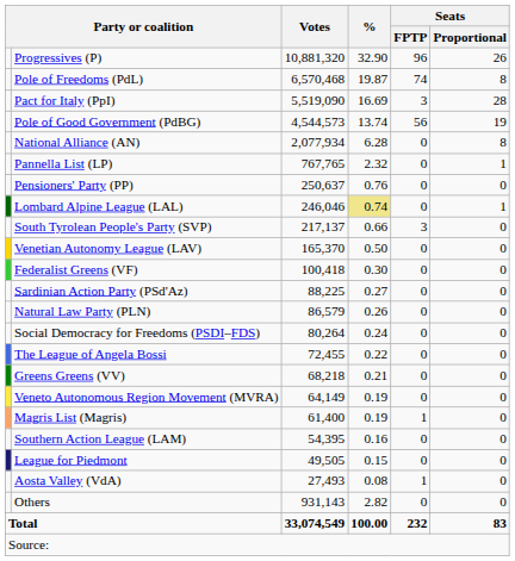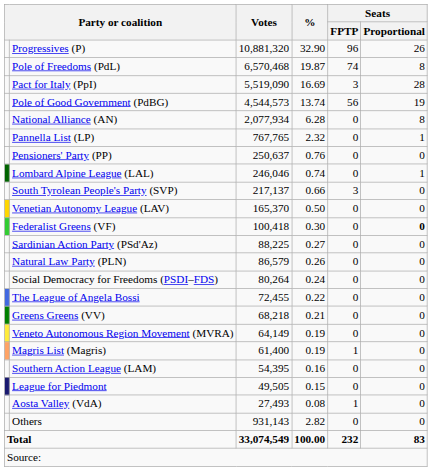 <table class="wikitable" style="text-align:right">
 <tr>
 <th align=left colspan=2 rowspan=2>Party or coalition</th>
 <th rowspan=2>Votes</th>
 <th rowspan=2>%</th>
 <th colspan="2" align="center" valign=top>Seats</th>
 </tr>
 <tr>
 <th style="background-color:" align="center" valign=bottom>FPTP</th>
 <th style="background-color:" align="center" valign=bottom>Proportional</th>
 </tr>
 <tr>
 <td style="background:"></td>
 <td style="text-align:left;"><a href='#'>Progressives</a> (P)</td>
 <td>10,881,320</td>
 <td>32.90</td>
 <td>96</td>
 <td>26</td>
 </tr>
 <tr>
 <td style="background:"></td>
 <td style="text-align:left;"><a href='#'>Pole of Freedoms</a> (PdL)</td>
 <td>6,570,468</td>
 <td>19.87</td>
 <td>74</td>
 <td>8</td>
 </tr>
 <tr>
 <td></td>
 <td align=left><a href='#'>Pact for Italy</a> (PpI)</td>
 <td>5,519,090</td>
 <td>16.69</td>
 <td>3</td>
 <td>28</td>
 </tr>
 <tr>
 <td style="background:"></td>
 <td style="text-align:left;"><a href='#'>Pole of Good Government</a> (PdBG)</td>
 <td>4,544,573</td>
 <td>13.74</td>
 <td>56</td>
 <td>19</td>
 </tr>
 <tr>
 <td></td>
 <td align=left><a href='#'>National Alliance</a> (AN)</td>
 <td>2,077,934</td>
 <td>6.28</td>
 <td>0</td>
 <td>8</td>
 </tr>
 <tr>
 <td></td>
 <td align=left><a href='#'>Pannella List</a> (LP)</td>
 <td>767,765</td>
 <td>2.32</td>
 <td>0</td>
 <td>1</td>
 </tr>
 <tr>
 <td style="background:"></td>
 <td align=left><a href='#'>Pensioners' Party</a> (PP)</td>
 <td>250,637</td>
 <td>0.76</td>
 <td>0</td>
 <td>0</td>
 </tr>
 <tr>
 <td style="background:darkgreen;"></td>
 <td align=left><a href='#'>Lombard Alpine League</a> (LAL)</td>
 <td>246,046</td>
-<td style="background: khaki;">0.74</td>
+<td>0.74</td>
 <td>0</td>
 <td>1</td>
 </tr>
 <tr>
 <td style="background:"></td>
 <td align=left><a href='#'>South Tyrolean People's Party</a> (SVP)</td>
 <td>217,137</td>
 <td>0.66</td>
 <td>3</td>
 <td>0</td>
 </tr>
 <tr>
 <td style="background:gold;"></td>
 <td align=left><a href='#'>Venetian Autonomy League</a> (LAV)</td>
 <td>165,370</td>
 <td>0.50</td>
 <td>0</td>
 <td>0</td>
 </tr>
 <tr>
 <td style="background:#32CD32;"></td>
 <td align=left><a href='#'>Federalist Greens</a> (VF)</td>
 <td>100,418</td>
 <td>0.30</td>
 <td>0</td>
-<td>0</td>
+<td><strong>0</strong></td>
 </tr>
 <tr>
 <td style="background:"></td>
 <td align=left><a href='#'>Sardinian Action Party</a> (PSd'Az)</td>
 <td>88,225</td>
 <td>0.27</td>
 <td>0</td>
 <td>0</td>
 </tr>
 <tr>
 <td></td>
 <td align=left><a href='#'>Natural Law Party</a> (PLN)</td>
 <td>86,579</td>
 <td>0.26</td>
 <td>0</td>
 <td>0</td>
 </tr>
 <tr>
 <td></td>
 <td align=left>Social Democracy for Freedoms (<a href='#'>PSDI</a>–<a href='#'>FDS</a>)</td>
 <td>80,264</td>
 <td>0.24</td>
 <td>0</td>
 <td>0</td>
 </tr>
 <tr>
 <td style="background:#4169E1;"></td>
 <td align=left><a href='#'>The League of Angela Bossi</a></td>
 <td>72,455</td>
 <td>0.22</td>
 <td>0</td>
 <td>0</td>
 </tr>
 <tr>
 <td style="background:green;"></td>
 <td align=left><a href='#'>Greens Greens</a> (VV)</td>
 <td>68,218</td>
 <td>0.21</td>
 <td>0</td>
 <td>0</td>
 </tr>
 <tr>
 <td style="background:#FFEB3B;"></td>
 <td align=left><a href='#'>Veneto Autonomous Region Movement</a> (MVRA)</td>
 <td>64,149</td>
 <td>0.19</td>
 <td>0</td>
 <td>0</td>
 </tr>
 <tr>
 <td style="background:#FFA364;"></td>
 <td align=left><a href='#'>Magris List</a> (Magris)</td>
 <td>61,400</td>
 <td>0.19</td>
 <td>1</td>
 <td>0</td>
 </tr>
 <tr>
 <td></td>
 <td align=left><a href='#'>Southern Action League</a> (LAM)</td>
 <td>54,395</td>
 <td>0.16</td>
 <td>0</td>
 <td>0</td>
 </tr>
 <tr>
 <td bgcolor="#191970"></td>
 <td align=left><a href='#'>League for Piedmont</a></td>
 <td>49,505</td>
 <td>0.15</td>
 <td>0</td>
 <td>0</td>
 </tr>
 <tr>
 <td style="background:"></td>
 <td align=left><a href='#'>Aosta Valley</a> (VdA)</td>
 <td>27,493</td>
 <td>0.08</td>
 <td>1</td>
 <td>0</td>
 </tr>
 <tr>
 <td style="background:"></td>
 <td align=left>Others</td>
 <td>931,143</td>
 <td>2.82</td>
 <td>0</td>
 <td>0</td>
 </tr>
 <tr>
 <td colspan=2 align=left><strong>Total</strong></td>
 <td><strong>33,074,549</strong></td>
 <td><strong>100.00</strong></td>
 <td><strong>232</strong></td>
 <td><strong>83</strong></td>
 </tr>
 <tr>
 <td colspan=6 align=left>Source: </td>
 </tr>
 </table>
